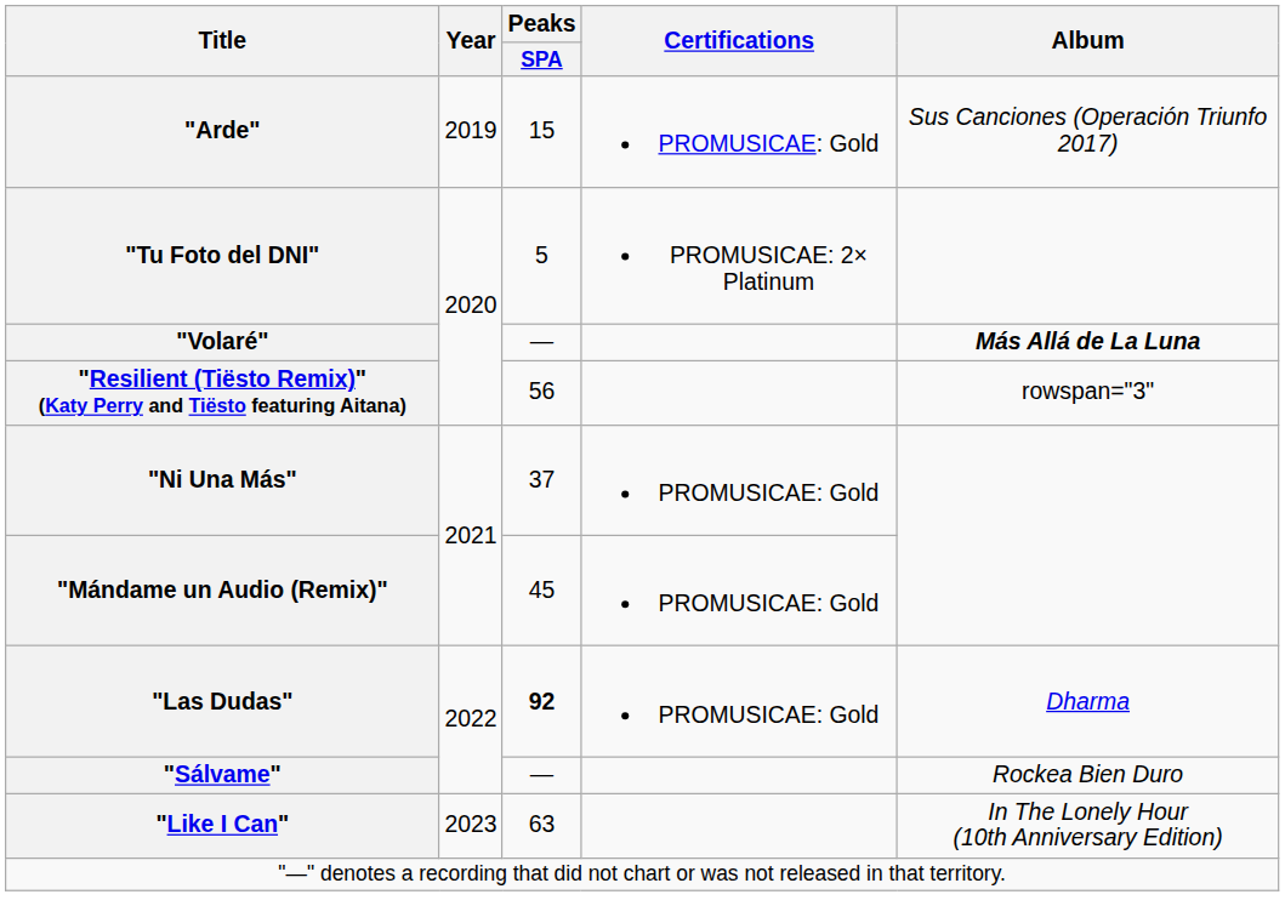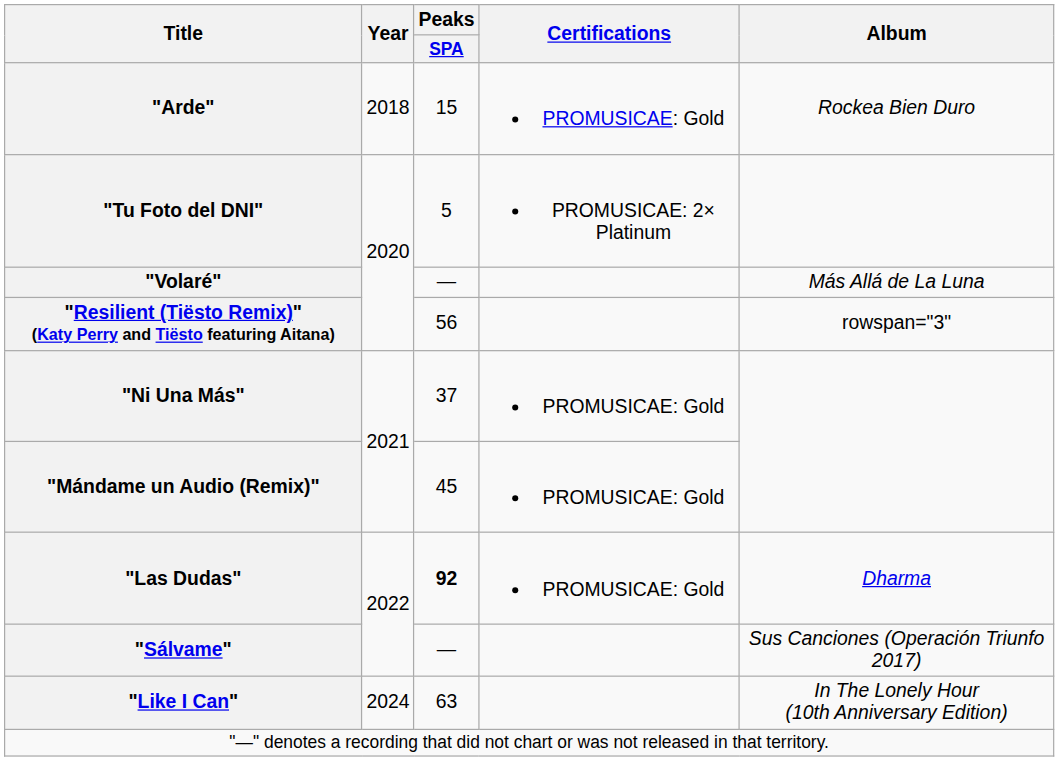 <table class="wikitable plainrowheaders" style="text-align:center;">
 <tr>
 <th scope="col" rowspan="2" style="width:18em;">Title</th>
 <th scope="col" rowspan="2" style="width:1em;">Year</th>
 <th scope="col" colspan="1">Peaks</th>
 <th scope="col" rowspan="2" style="width:13em;"><a href='#'>Certifications</a></th>
 <th scope="col" rowspan="2">Album</th>
 </tr>
 <tr>
 <th scope="col" style="width:3em;font-size:90%;"><a href='#'>SPA</a></th>
 </tr>
 <tr>
 <th scope="row">"Arde"</th>
-<td>2019</td>
+<td>2018</td>
 <td>15</td>
 <td><br><ul><li><a href='#'>PROMUSICAE</a>: Gold</li></ul></td>
-<td><em>Sus Canciones (Operación Triunfo 2017)</em></td>
+<td><em>Rockea Bien Duro</em></td>
 </tr>
 <tr>
 <th scope="row">"Tu Foto del DNI"<br></th>
 <td rowspan="3">2020</td>
 <td>5</td>
 <td><br><ul><li>PROMUSICAE: 2× Platinum</li></ul></td>
 <td></td>
 </tr>
 <tr>
 <th scope="row">"Volaré"</th>
 <td>—</td>
 <td></td>
-<td><strong><em>Más Allá de La Luna</em></strong></td>
+<td><em>Más Allá de La Luna</em></td>
 </tr>
 <tr>
 <th scope="row">"<a href='#'>Resilient (Tiësto Remix)</a>"<br><small>(<a href='#'>Katy Perry</a> and <a href='#'>Tiësto</a> featuring Aitana)</small></th>
 <td>56</td>
 <td></td>
 <td>rowspan="3" </td>
 </tr>
 <tr>
 <th scope="row">"Ni Una Más"</th>
 <td rowspan="2">2021</td>
 <td>37</td>
 <td><br><ul><li>PROMUSICAE: Gold</li></ul></td>
 </tr>
 <tr>
 <th scope="row">"Mándame un Audio (Remix)"<br></th>
 <td>45</td>
 <td><br><ul><li>PROMUSICAE: Gold</li></ul></td>
 </tr>
 <tr>
 <th scope="row">"Las Dudas"<br></th>
 <td rowspan="2">2022</td>
 <td><strong>92</strong></td>
 <td><br><ul><li>PROMUSICAE: Gold</li></ul></td>
 <td><em><a href='#'>Dharma</a></em></td>
 </tr>
 <tr>
 <th scope="row">"<a href='#'>Sálvame</a>"<br></th>
 <td>—</td>
 <td></td>
-<td><em>Rockea Bien Duro</em></td>
+<td><em>Sus Canciones (Operación Triunfo 2017)</em></td>
 </tr>
 <tr>
 <th scope="row">"<a href='#'>Like I Can</a>"<br></th>
-<td>2023</td>
+<td>2024</td>
 <td>63</td>
 <td></td>
 <td><em>In The Lonely Hour<br>(10th Anniversary Edition)</em></td>
 </tr>
 <tr>
 <td colspan="14" style="font-size:90%">"—" denotes a recording that did not chart or was not released in that territory.</td>
 </tr>
 </table>
